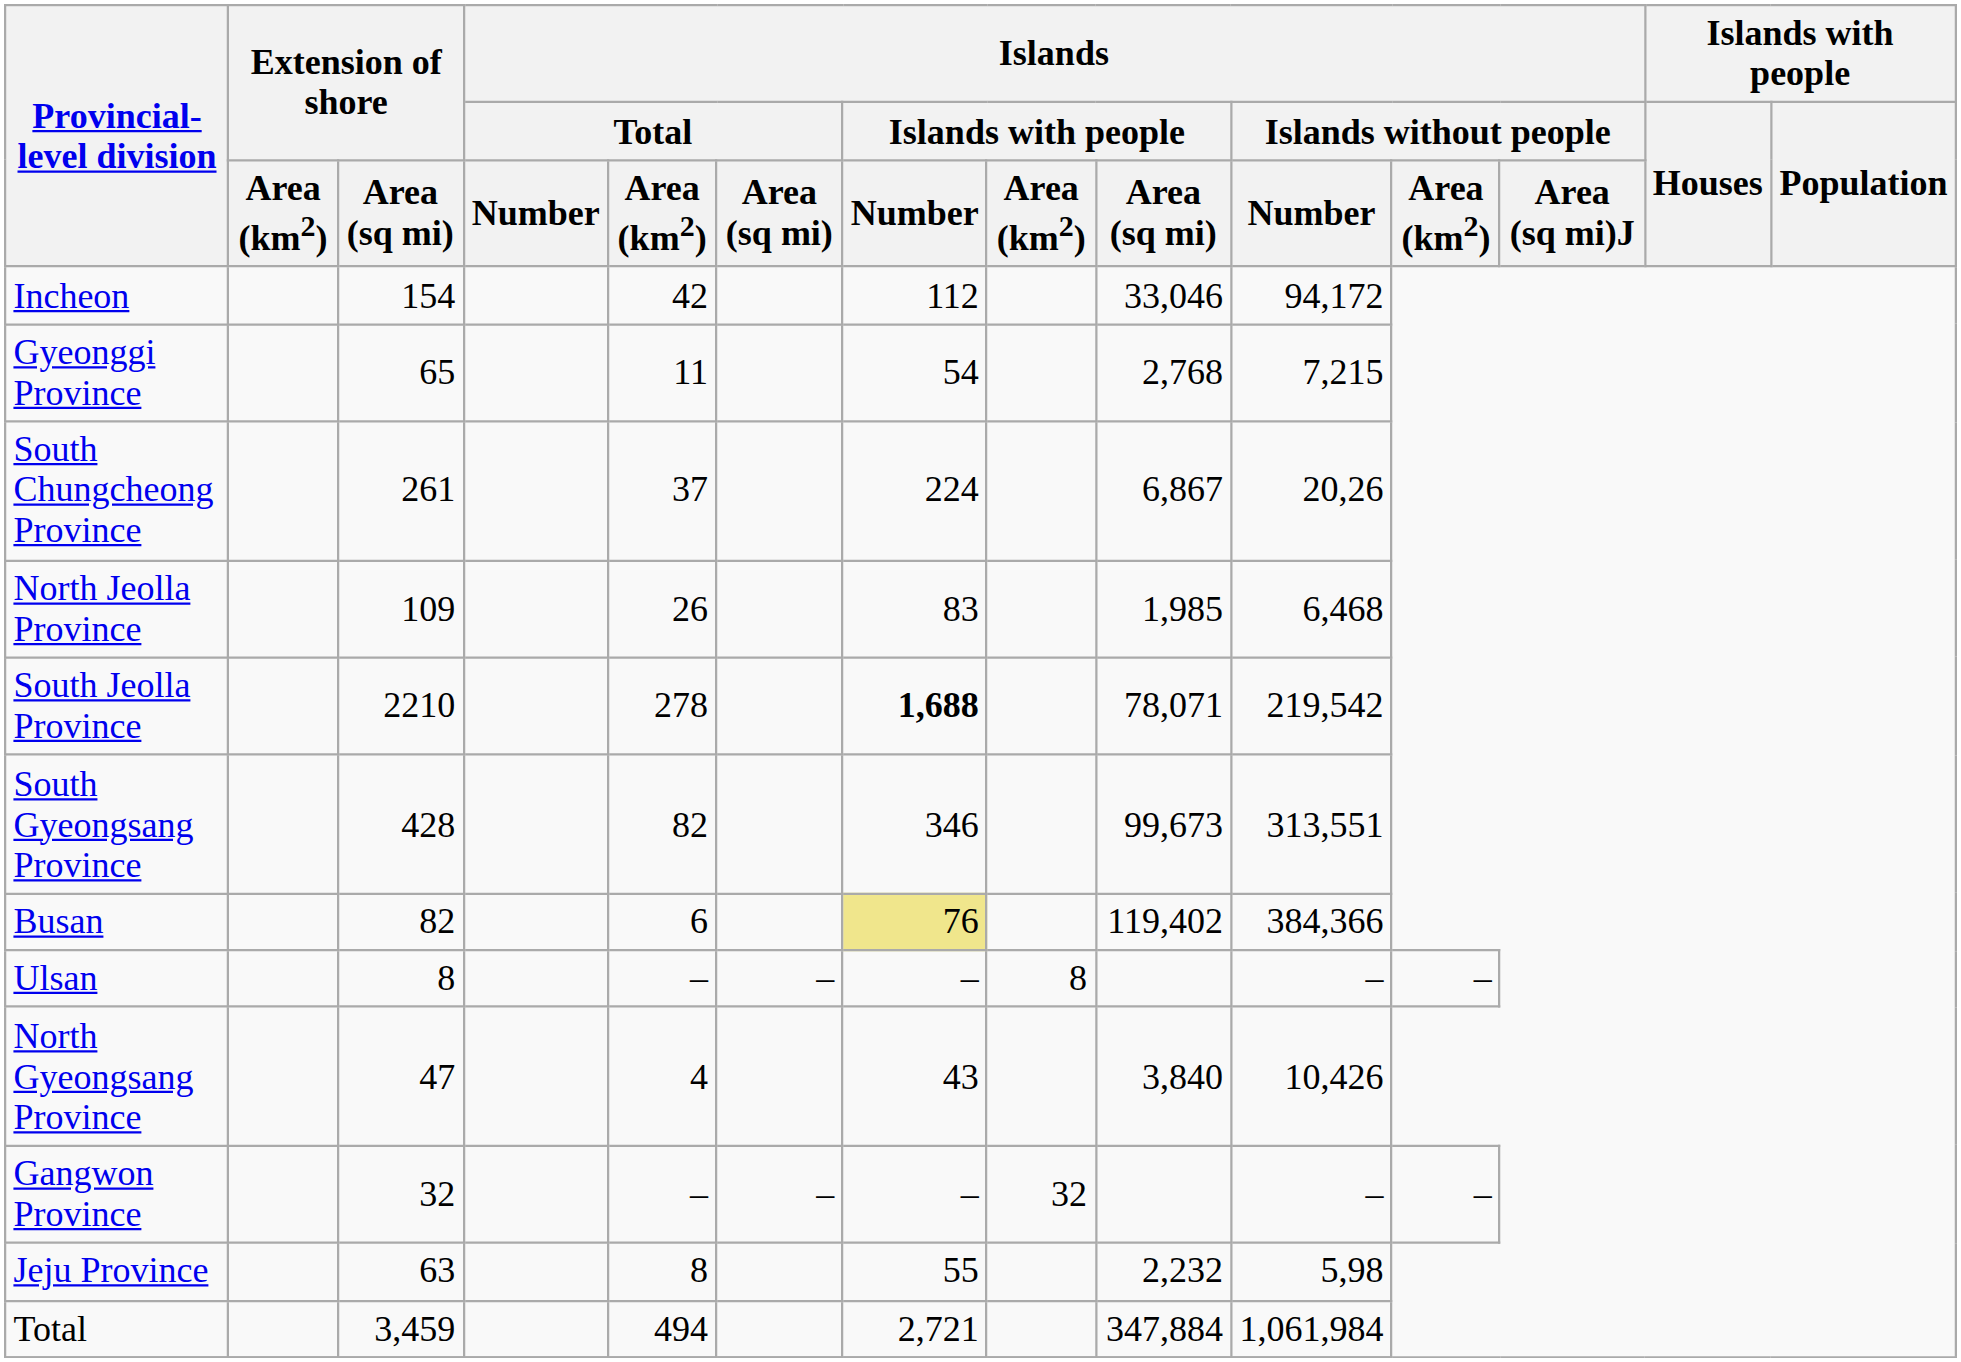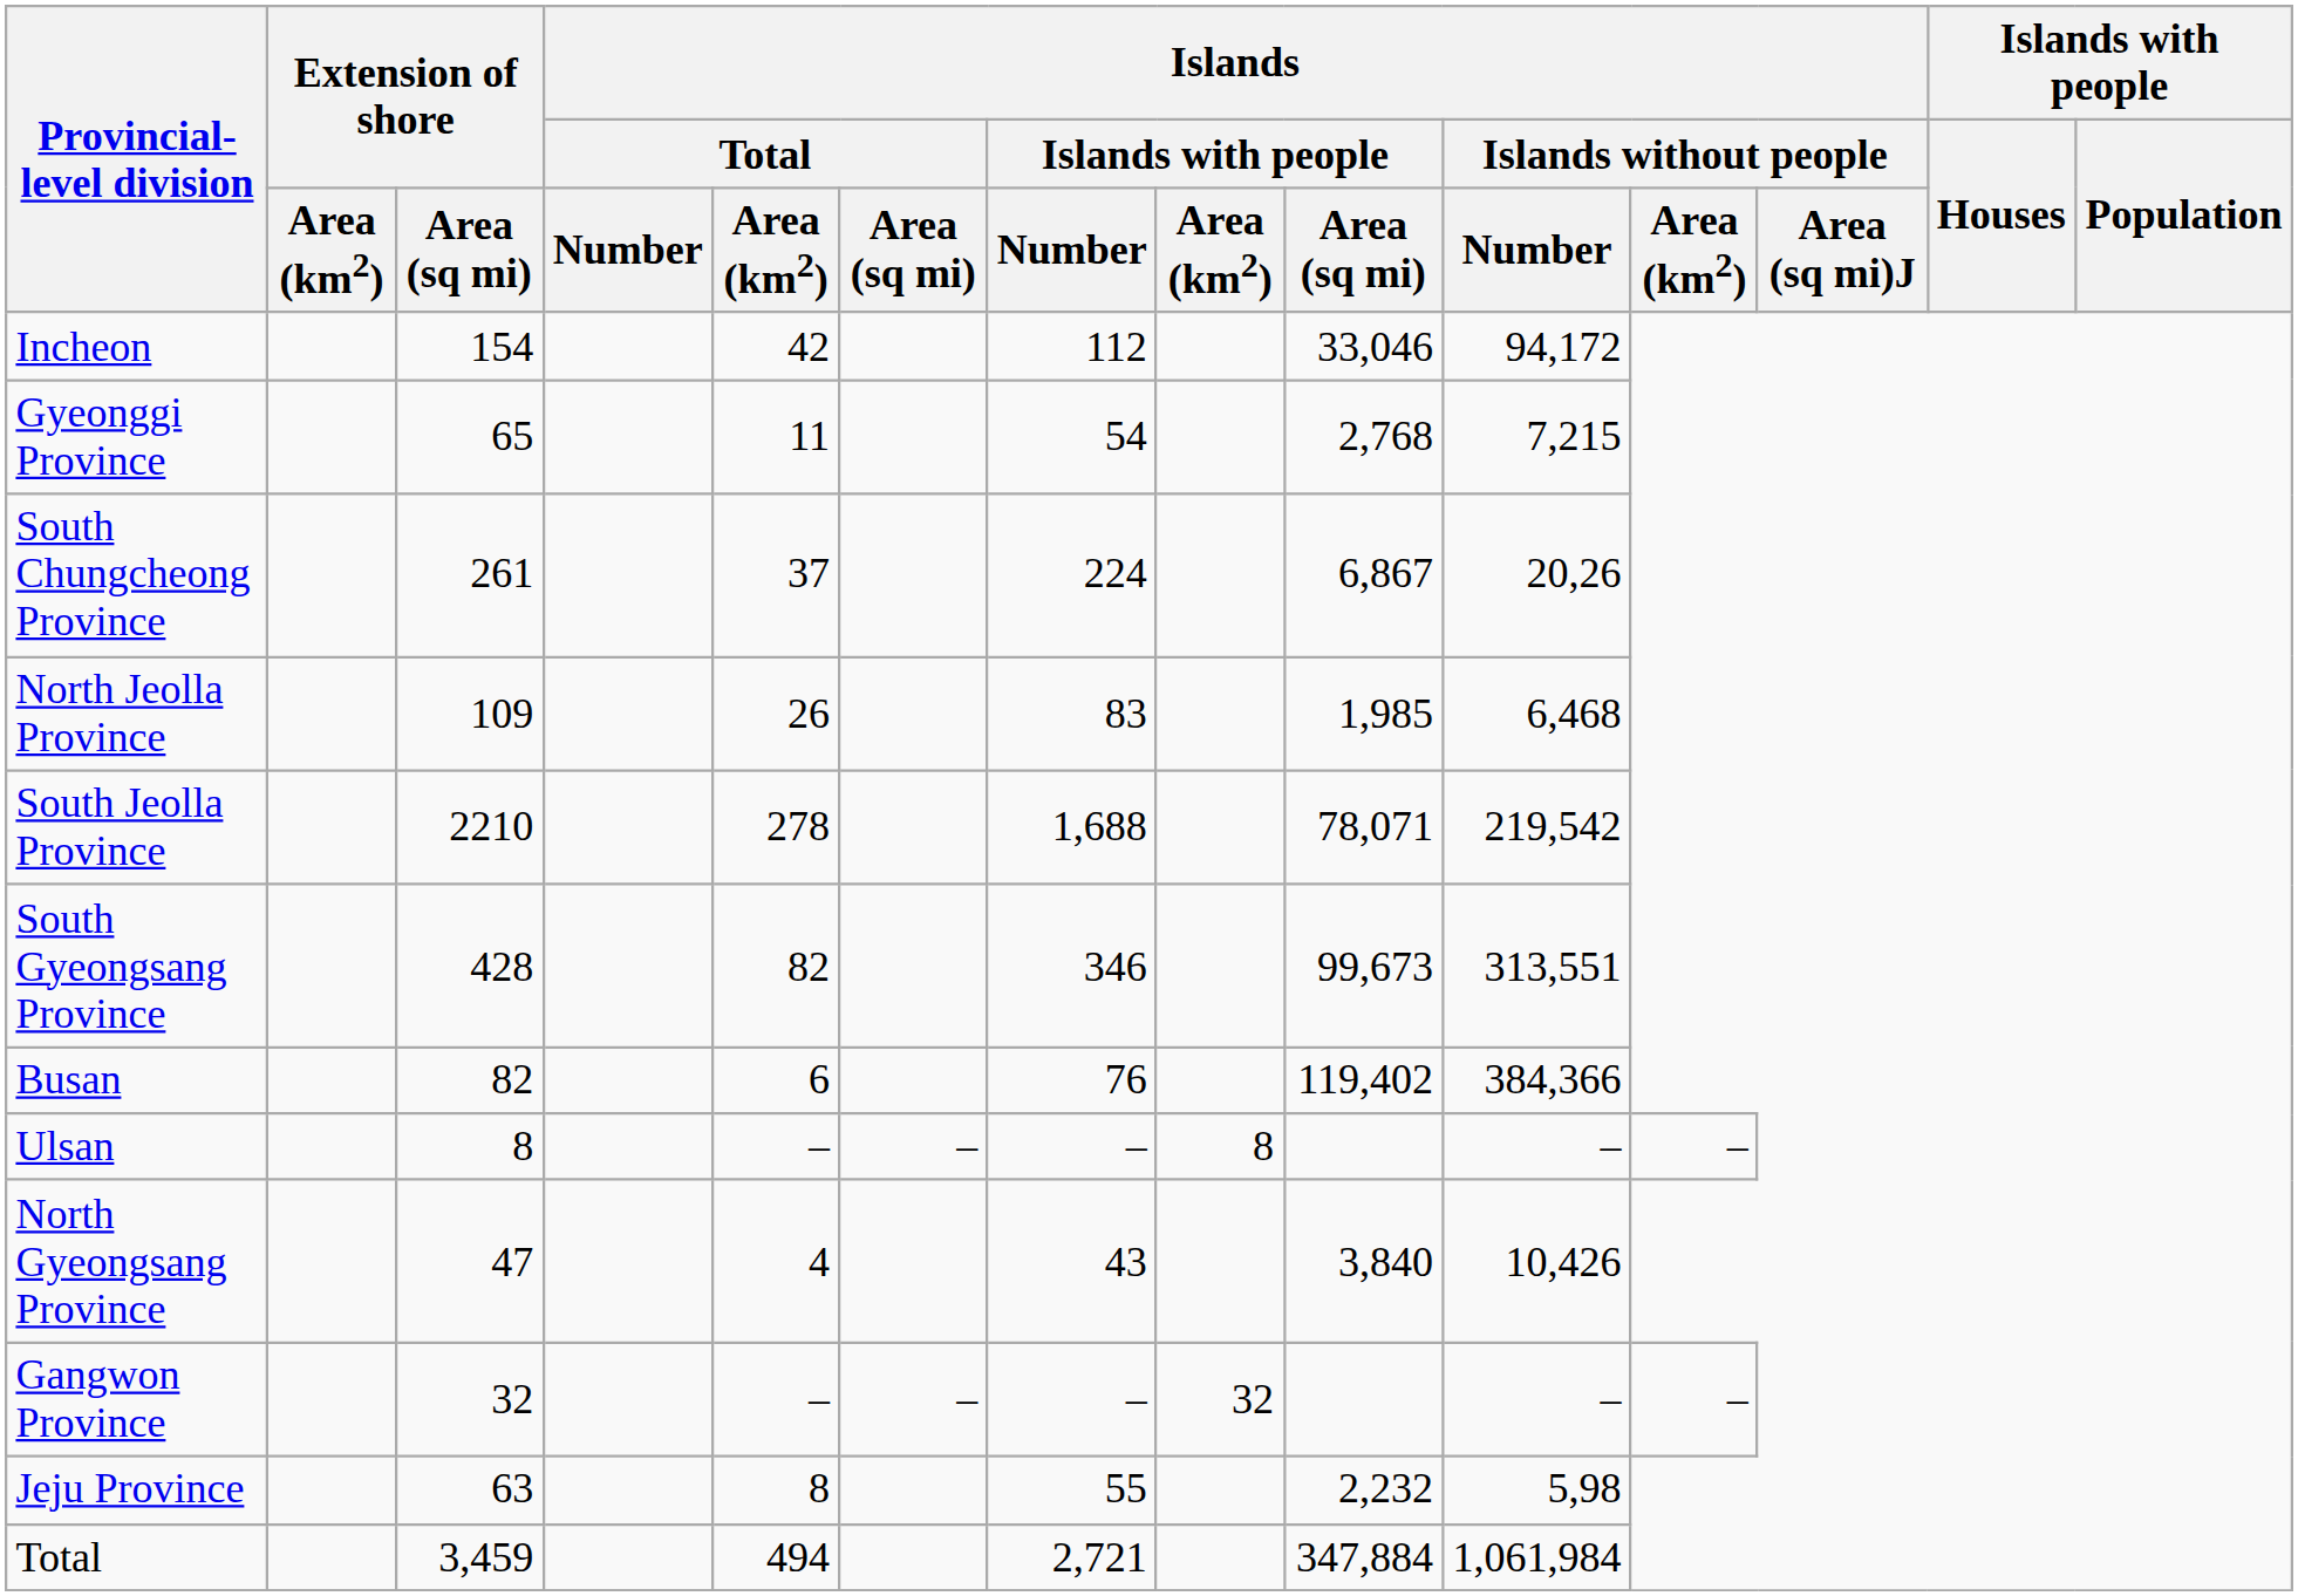 <table class="wikitable sortable">
 <tr>
 <th rowspan=3 align=center><a href='#'>Provincial-level division</a></th>
 <th rowspan=2 colspan=2 align=center>Extension of<br>shore</th>
 <th colspan=9 align=center>Islands</th>
 <th colspan=2 align=center>Islands with people</th>
 </tr>
 <tr>
 <th colspan=3 align=center>Total</th>
 <th colspan=3 align=center>Islands with people</th>
 <th colspan=3 align=center>Islands without people</th>
 <th rowspan=2 align=center>Houses</th>
 <th rowspan=2 align=center>Population</th>
 </tr>
 <tr>
 <th align=center>Area (km<sup>2</sup>)</th>
 <th align=center>Area (sq mi)</th>
 <th align=center>Number</th>
 <th align=center>Area (km<sup>2</sup>)</th>
 <th align=center>Area (sq mi)</th>
 <th align=center>Number</th>
 <th align=center>Area (km<sup>2</sup>)</th>
 <th align=center>Area (sq mi)</th>
 <th align=center>Number</th>
 <th align=center>Area (km<sup>2</sup>)</th>
 <th align=center>Area (sq mi)J</th>
 </tr>
 <tr>
 <td><a href='#'>Incheon</a></td>
 <td></td>
 <td align=right>154</td>
 <td></td>
 <td align=right>42</td>
 <td></td>
 <td align=right>112</td>
 <td></td>
 <td align=right>33,046</td>
 <td align=right>94,172</td>
 </tr>
 <tr>
 <td><a href='#'>Gyeonggi Province</a></td>
 <td></td>
 <td align=right>65</td>
 <td></td>
 <td align=right>11</td>
 <td></td>
 <td align=right>54</td>
 <td></td>
 <td align=right>2,768</td>
 <td align=right>7,215</td>
 </tr>
 <tr>
 <td><a href='#'>South Chungcheong Province</a></td>
 <td></td>
 <td align=right>261</td>
 <td></td>
 <td align=right>37</td>
 <td></td>
 <td align=right>224</td>
 <td></td>
 <td align=right>6,867</td>
 <td align=right>20,26</td>
 </tr>
 <tr>
 <td><a href='#'>North Jeolla Province</a></td>
 <td></td>
 <td align=right>109</td>
 <td></td>
 <td align=right>26</td>
 <td></td>
 <td align=right>83</td>
 <td></td>
 <td align=right>1,985</td>
 <td align=right>6,468</td>
 </tr>
 <tr>
 <td><a href='#'>South Jeolla Province</a></td>
 <td></td>
 <td align=right>2210</td>
 <td></td>
 <td align=right>278</td>
 <td></td>
-<td align=right><strong>1,688</strong></td>
+<td align=right>1,688</td>
 <td></td>
 <td align=right>78,071</td>
 <td align=right>219,542</td>
 </tr>
 <tr>
 <td><a href='#'>South Gyeongsang Province</a></td>
 <td></td>
 <td align=right>428</td>
 <td></td>
 <td align=right>82</td>
 <td></td>
 <td align=right>346</td>
 <td></td>
 <td align=right>99,673</td>
 <td align=right>313,551</td>
 </tr>
 <tr>
 <td><a href='#'>Busan</a></td>
 <td></td>
 <td align=right>82</td>
 <td></td>
 <td align=right>6</td>
 <td></td>
-<td align=right style="background: khaki;">76</td>
+<td align=right>76</td>
 <td></td>
 <td align=right>119,402</td>
 <td align=right>384,366</td>
 </tr>
 <tr>
 <td><a href='#'>Ulsan</a></td>
 <td></td>
 <td align=right>8</td>
 <td></td>
 <td align=right>–</td>
 <td align=right>–</td>
 <td align=right>–</td>
 <td align=right>8</td>
 <td></td>
 <td align=right>–</td>
 <td align=right>–</td>
 </tr>
 <tr>
 <td><a href='#'>North Gyeongsang Province</a></td>
 <td></td>
 <td align=right>47</td>
 <td></td>
 <td align=right>4</td>
 <td></td>
 <td align=right>43</td>
 <td></td>
 <td align=right>3,840</td>
 <td align=right>10,426</td>
 </tr>
 <tr>
 <td><a href='#'>Gangwon Province</a></td>
 <td></td>
 <td align=right>32</td>
 <td></td>
 <td align=right>–</td>
 <td align=right>–</td>
 <td align=right>–</td>
 <td align=right>32</td>
 <td></td>
 <td align=right>–</td>
 <td align=right>–</td>
 </tr>
 <tr>
 <td><a href='#'>Jeju Province</a></td>
 <td></td>
 <td align=right>63</td>
 <td></td>
 <td align=right>8</td>
 <td></td>
 <td align=right>55</td>
 <td></td>
 <td align=right>2,232</td>
 <td align=right>5,98</td>
 </tr>
 <tr>
 <td>Total</td>
 <td></td>
 <td align=right>3,459</td>
 <td></td>
 <td align=right>494</td>
 <td></td>
 <td align=right>2,721</td>
 <td></td>
 <td align=right>347,884</td>
 <td align=right>1,061,984</td>
 </tr>
 <tr>
 </tr>
 </table>
